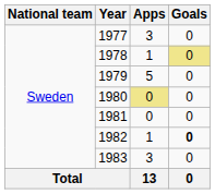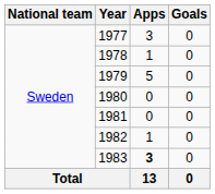 <table class="wikitable" style="text-align:center">
 <tr>
 <th>National team</th>
 <th>Year</th>
 <th>Apps</th>
 <th>Goals</th>
 </tr>
 <tr>
 <td rowspan="7"><a href='#'>Sweden</a></td>
 <td>1977</td>
 <td>3</td>
 <td>0</td>
 </tr>
 <tr>
 <td>1978</td>
 <td>1</td>
-<td style="background: khaki;">0</td>
+<td>0</td>
 </tr>
 <tr>
 <td>1979</td>
 <td>5</td>
 <td>0</td>
 </tr>
 <tr>
 <td>1980</td>
-<td style="background: khaki;">0</td>
+<td>0</td>
 <td>0</td>
 </tr>
 <tr>
 <td>1981</td>
 <td>0</td>
 <td>0</td>
 </tr>
 <tr>
 <td>1982</td>
 <td>1</td>
-<td><strong>0</strong></td>
+<td>0</td>
 </tr>
 <tr>
 <td>1983</td>
-<td>3</td>
+<td><strong>3</strong></td>
 <td>0</td>
 </tr>
 <tr>
 <th colspan="2">Total</th>
 <th>13</th>
 <th>0</th>
 </tr>
 </table>
